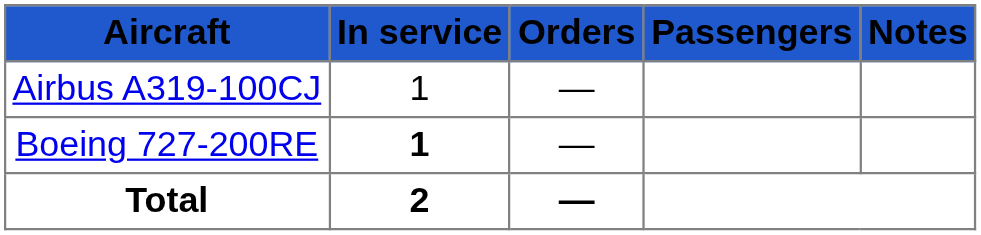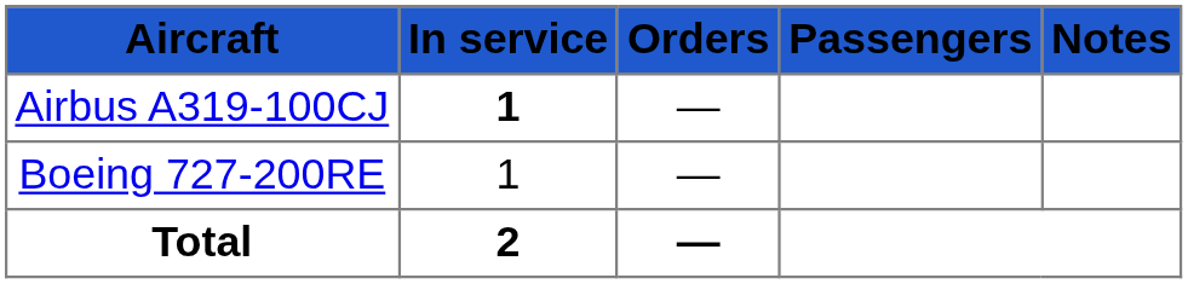 <table class="toccolours" border="1" cellpadding="3" style="border-collapse:collapse;text-align:center; margin:1em auto;">
 <tr bgcolor=#1F59CD>
 <th><span>Aircraft</span></th>
 <th><span>In service</span></th>
 <th><span>Orders</span></th>
 <th><span>Passengers</span></th>
 <th><span>Notes</span></th>
 </tr>
 <tr>
 <td><a href='#'>Airbus A319-100CJ</a></td>
-<td>1</td>
+<td><strong>1</strong></td>
 <td>—</td>
 <td></td>
 <td></td>
 </tr>
 <tr>
 <td><a href='#'>Boeing 727-200RE</a></td>
-<td><strong>1</strong></td>
+<td>1</td>
 <td>—</td>
 <td></td>
 <td></td>
 </tr>
 <tr>
 <th>Total</th>
 <th>2</th>
 <th>—</th>
 <th colspan="4"></th>
 </tr>
 </table>
